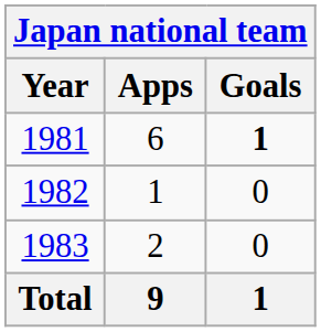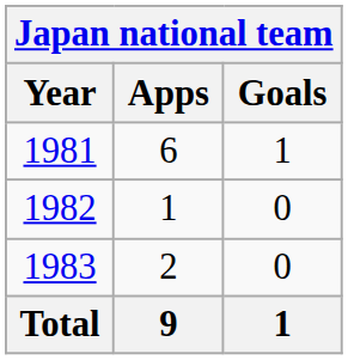 <table class="wikitable" style="text-align:center">
 <tr>
 <th colspan=3><a href='#'>Japan national team</a></th>
 </tr>
 <tr>
 <th>Year</th>
 <th>Apps</th>
 <th>Goals</th>
 </tr>
 <tr>
 <td><a href='#'>1981</a></td>
 <td>6</td>
-<td><strong>1</strong></td>
+<td>1</td>
 </tr>
 <tr>
 <td><a href='#'>1982</a></td>
 <td>1</td>
 <td>0</td>
 </tr>
 <tr>
 <td><a href='#'>1983</a></td>
 <td>2</td>
 <td>0</td>
 </tr>
 <tr>
 <th>Total</th>
 <th>9</th>
 <th>1</th>
 </tr>
 </table>
